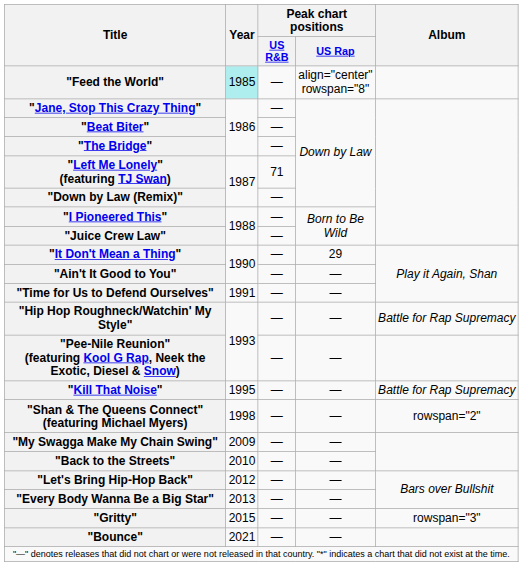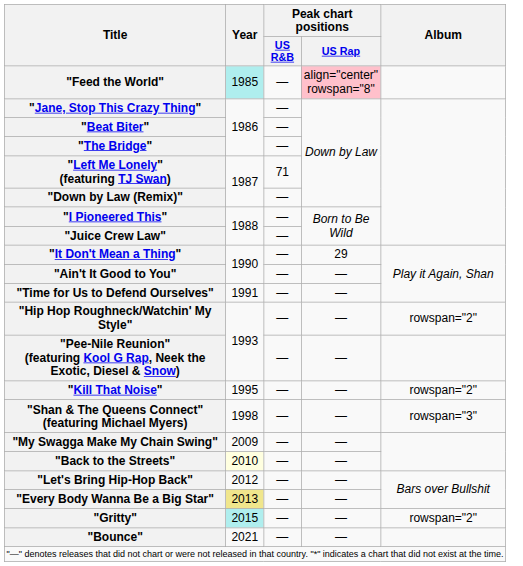 <table class="wikitable plainrowheaders" style="text-align:center;" border="1">
 <tr>
 <th scope="col" rowspan="2" style="width:18em;">Title</th>
 <th scope="col" rowspan="2">Year</th>
 <th scope="col" colspan="2">Peak chart positions</th>
 <th scope="col" rowspan="2">Album</th>
 </tr>
 <tr>
 <th scope="col" style="width:3em;font-size:90%;"><a href='#'>US R&B</a><br></th>
 <th scope="col" style="width:3em;font-size:90%;"><a href='#'>US Rap</a><br></th>
 </tr>
 <tr>
 <th scope="row">"Feed the World"</th>
 <td style="background: paleturquoise;">1985</td>
 <td align="center">—</td>
-<td>align="center" rowspan="8" </td>
+<td style="background: pink;">align="center" rowspan="8" </td>
 <td></td>
 </tr>
 <tr>
 <th scope="row">"<a href='#'>Jane, Stop This Crazy Thing</a>"</th>
 <td rowspan="3">1986</td>
 <td align="center">—</td>
 <td rowspan="5"><em>Down by Law</em></td>
 </tr>
 <tr>
 <th scope="row">"<a href='#'>Beat Biter</a>"</th>
 <td align="center">—</td>
 </tr>
 <tr>
 <th scope="row">"<a href='#'>The Bridge</a>"</th>
 <td align="center">—</td>
 </tr>
 <tr>
 <th scope="row">"<a href='#'>Left Me Lonely</a>"<br><span>(featuring <a href='#'>TJ Swan</a>)</span></th>
 <td rowspan="2">1987</td>
 <td align="center">71</td>
 </tr>
 <tr>
 <th scope="row">"Down by Law (Remix)"</th>
 <td align="center">—</td>
 </tr>
 <tr>
 <th scope="row">"<a href='#'>I Pioneered This</a>"</th>
 <td rowspan="2">1988</td>
 <td align="center">—</td>
 <td rowspan="2"><em>Born to Be Wild</em></td>
 </tr>
 <tr>
 <th scope="row">"Juice Crew Law"</th>
 <td align="center">—</td>
 </tr>
 <tr>
 <th scope="row">"<a href='#'>It Don't Mean a Thing</a>"</th>
 <td rowspan="2">1990</td>
 <td align="center">—</td>
 <td align="center">29</td>
 <td rowspan="3"><em>Play it Again, Shan</em></td>
 </tr>
 <tr>
 <th scope="row">"Ain't It Good to You"</th>
 <td align="center">—</td>
 <td align="center">—</td>
 </tr>
 <tr>
 <th scope="row">"Time for Us to Defend Ourselves"</th>
 <td>1991</td>
 <td align="center">—</td>
 <td align="center">—</td>
 </tr>
 <tr>
 <th scope="row">"Hip Hop Roughneck/Watchin' My Style"</th>
 <td rowspan="2">1993</td>
 <td align="center">—</td>
 <td align="center">—</td>
-<td><em>Battle for Rap Supremacy</em></td>
+<td>rowspan="2" </td>
 </tr>
 <tr>
 <th scope="row">"Pee-Nile Reunion"<br><span>(featuring <a href='#'>Kool G Rap</a>, Neek the Exotic, Diesel & <a href='#'>Snow</a>)</span></th>
 <td align="center">—</td>
 <td align="center">—</td>
 </tr>
 <tr>
 <th scope="row">"<a href='#'>Kill That Noise</a>"</th>
 <td>1995</td>
 <td align="center">—</td>
 <td align="center">—</td>
-<td><em>Battle for Rap Supremacy</em></td>
+<td>rowspan="2" </td>
 </tr>
 <tr>
 <th scope="row">"Shan & The Queens Connect"<br><span>(featuring Michael Myers)</span></th>
 <td>1998</td>
 <td align="center">—</td>
 <td align="center">—</td>
-<td>rowspan="2" </td>
+<td>rowspan="3" </td>
 </tr>
 <tr>
 <th scope="row">"My Swagga Make My Chain Swing"</th>
 <td>2009</td>
 <td align="center">—</td>
 <td align="center">—</td>
 </tr>
 <tr>
 <th scope="row">"Back to the Streets"</th>
-<td>2010</td>
+<td style="background: lightyellow;">2010</td>
 <td align="center">—</td>
 <td align="center">—</td>
 </tr>
 <tr>
 <th scope="row">"Let's Bring Hip-Hop Back"</th>
 <td>2012</td>
 <td align="center">—</td>
 <td align="center">—</td>
 <td rowspan="2"><em>Bars over Bullshit</em></td>
 </tr>
 <tr>
 <th scope="row">"Every Body Wanna Be a Big Star"</th>
-<td>2013</td>
+<td style="background: khaki;">2013</td>
 <td align="center">—</td>
 <td align="center">—</td>
 </tr>
 <tr>
 <th scope="row">"Gritty"</th>
-<td>2015</td>
+<td style="background: paleturquoise;">2015</td>
 <td align="center">—</td>
 <td align="center">—</td>
-<td>rowspan="3" </td>
+<td>rowspan="2" </td>
 </tr>
 <tr>
 <th scope="row">"Bounce"</th>
 <td>2021</td>
 <td align="center">—</td>
 <td align="center">—</td>
 </tr>
 <tr>
 <td colspan="5"  style="text-align:center; font-size:75%;">"—" denotes releases that did not chart or were not released in that country. "*" indicates a chart that did not exist at the time.</td>
 </tr>
 </table>
